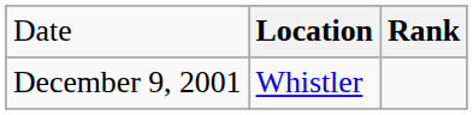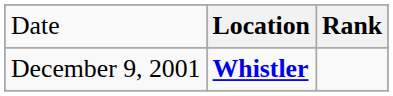 <table class="wikitable sortable" style="font-size:90%" style="text-align:center">
 <tr>
 <td>Date</td>
 <th>Location</th>
 <th>Rank</th>
 </tr>
 <tr>
 <td>December 9, 2001</td>
-<td><a href='#'>Whistler</a></td>
+<td><strong><a href='#'>Whistler</a></strong></td>
 <td></td>
 </tr>
 </table>
